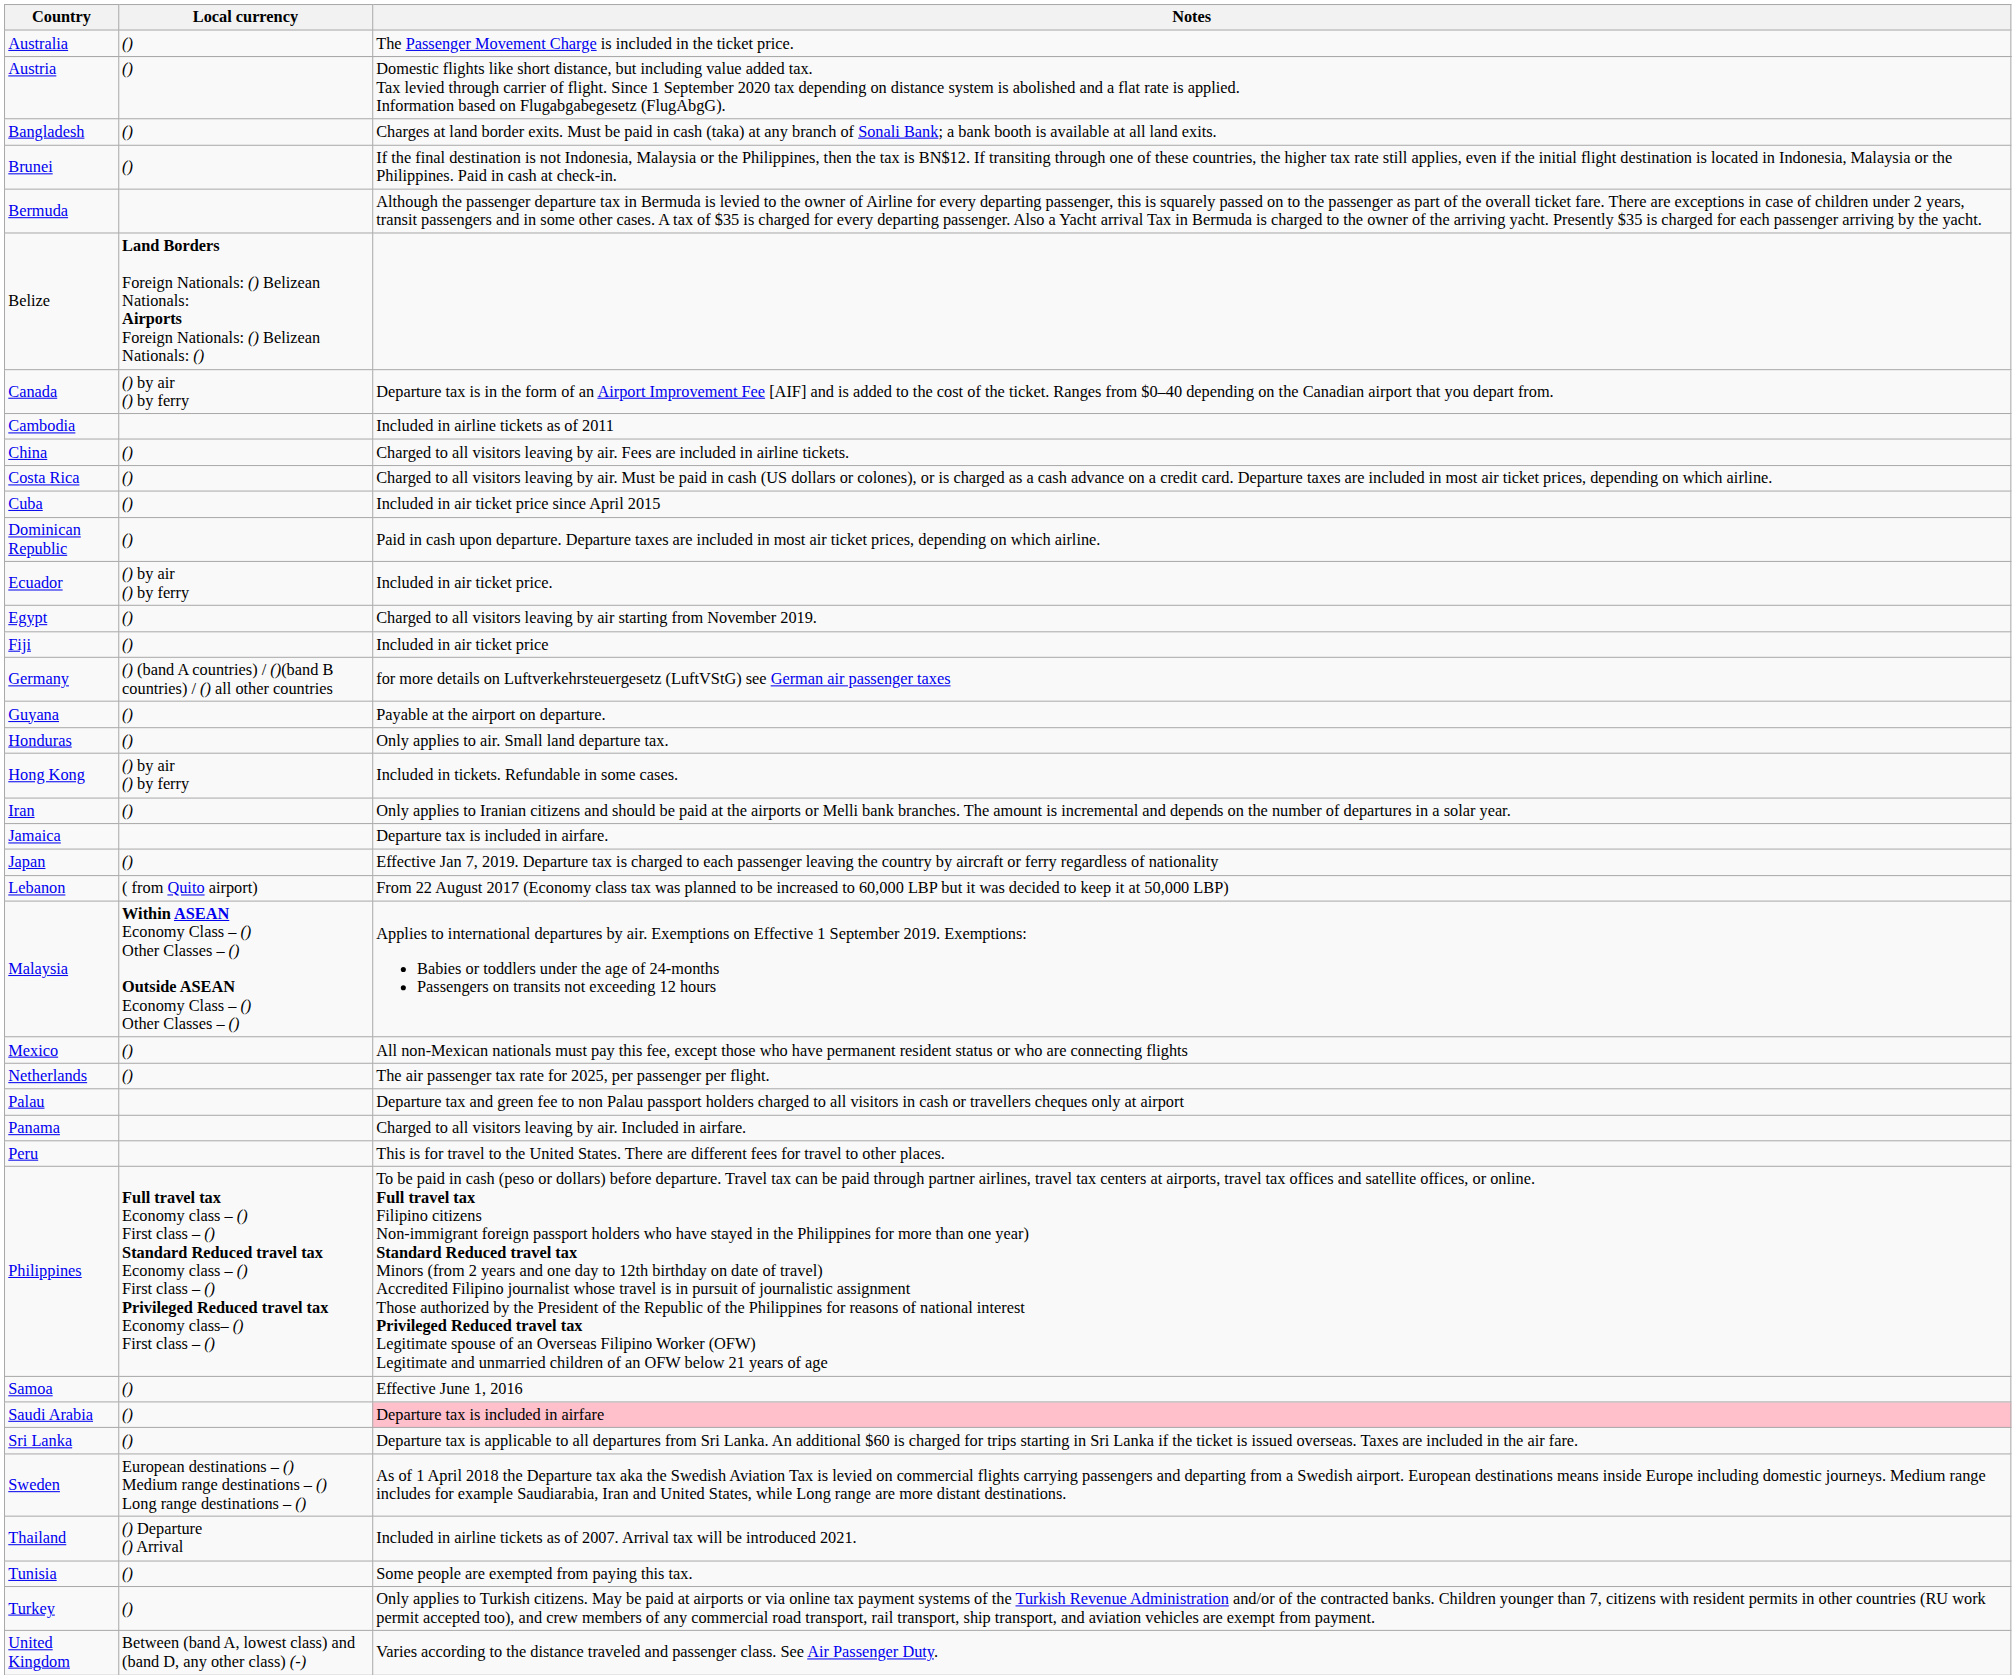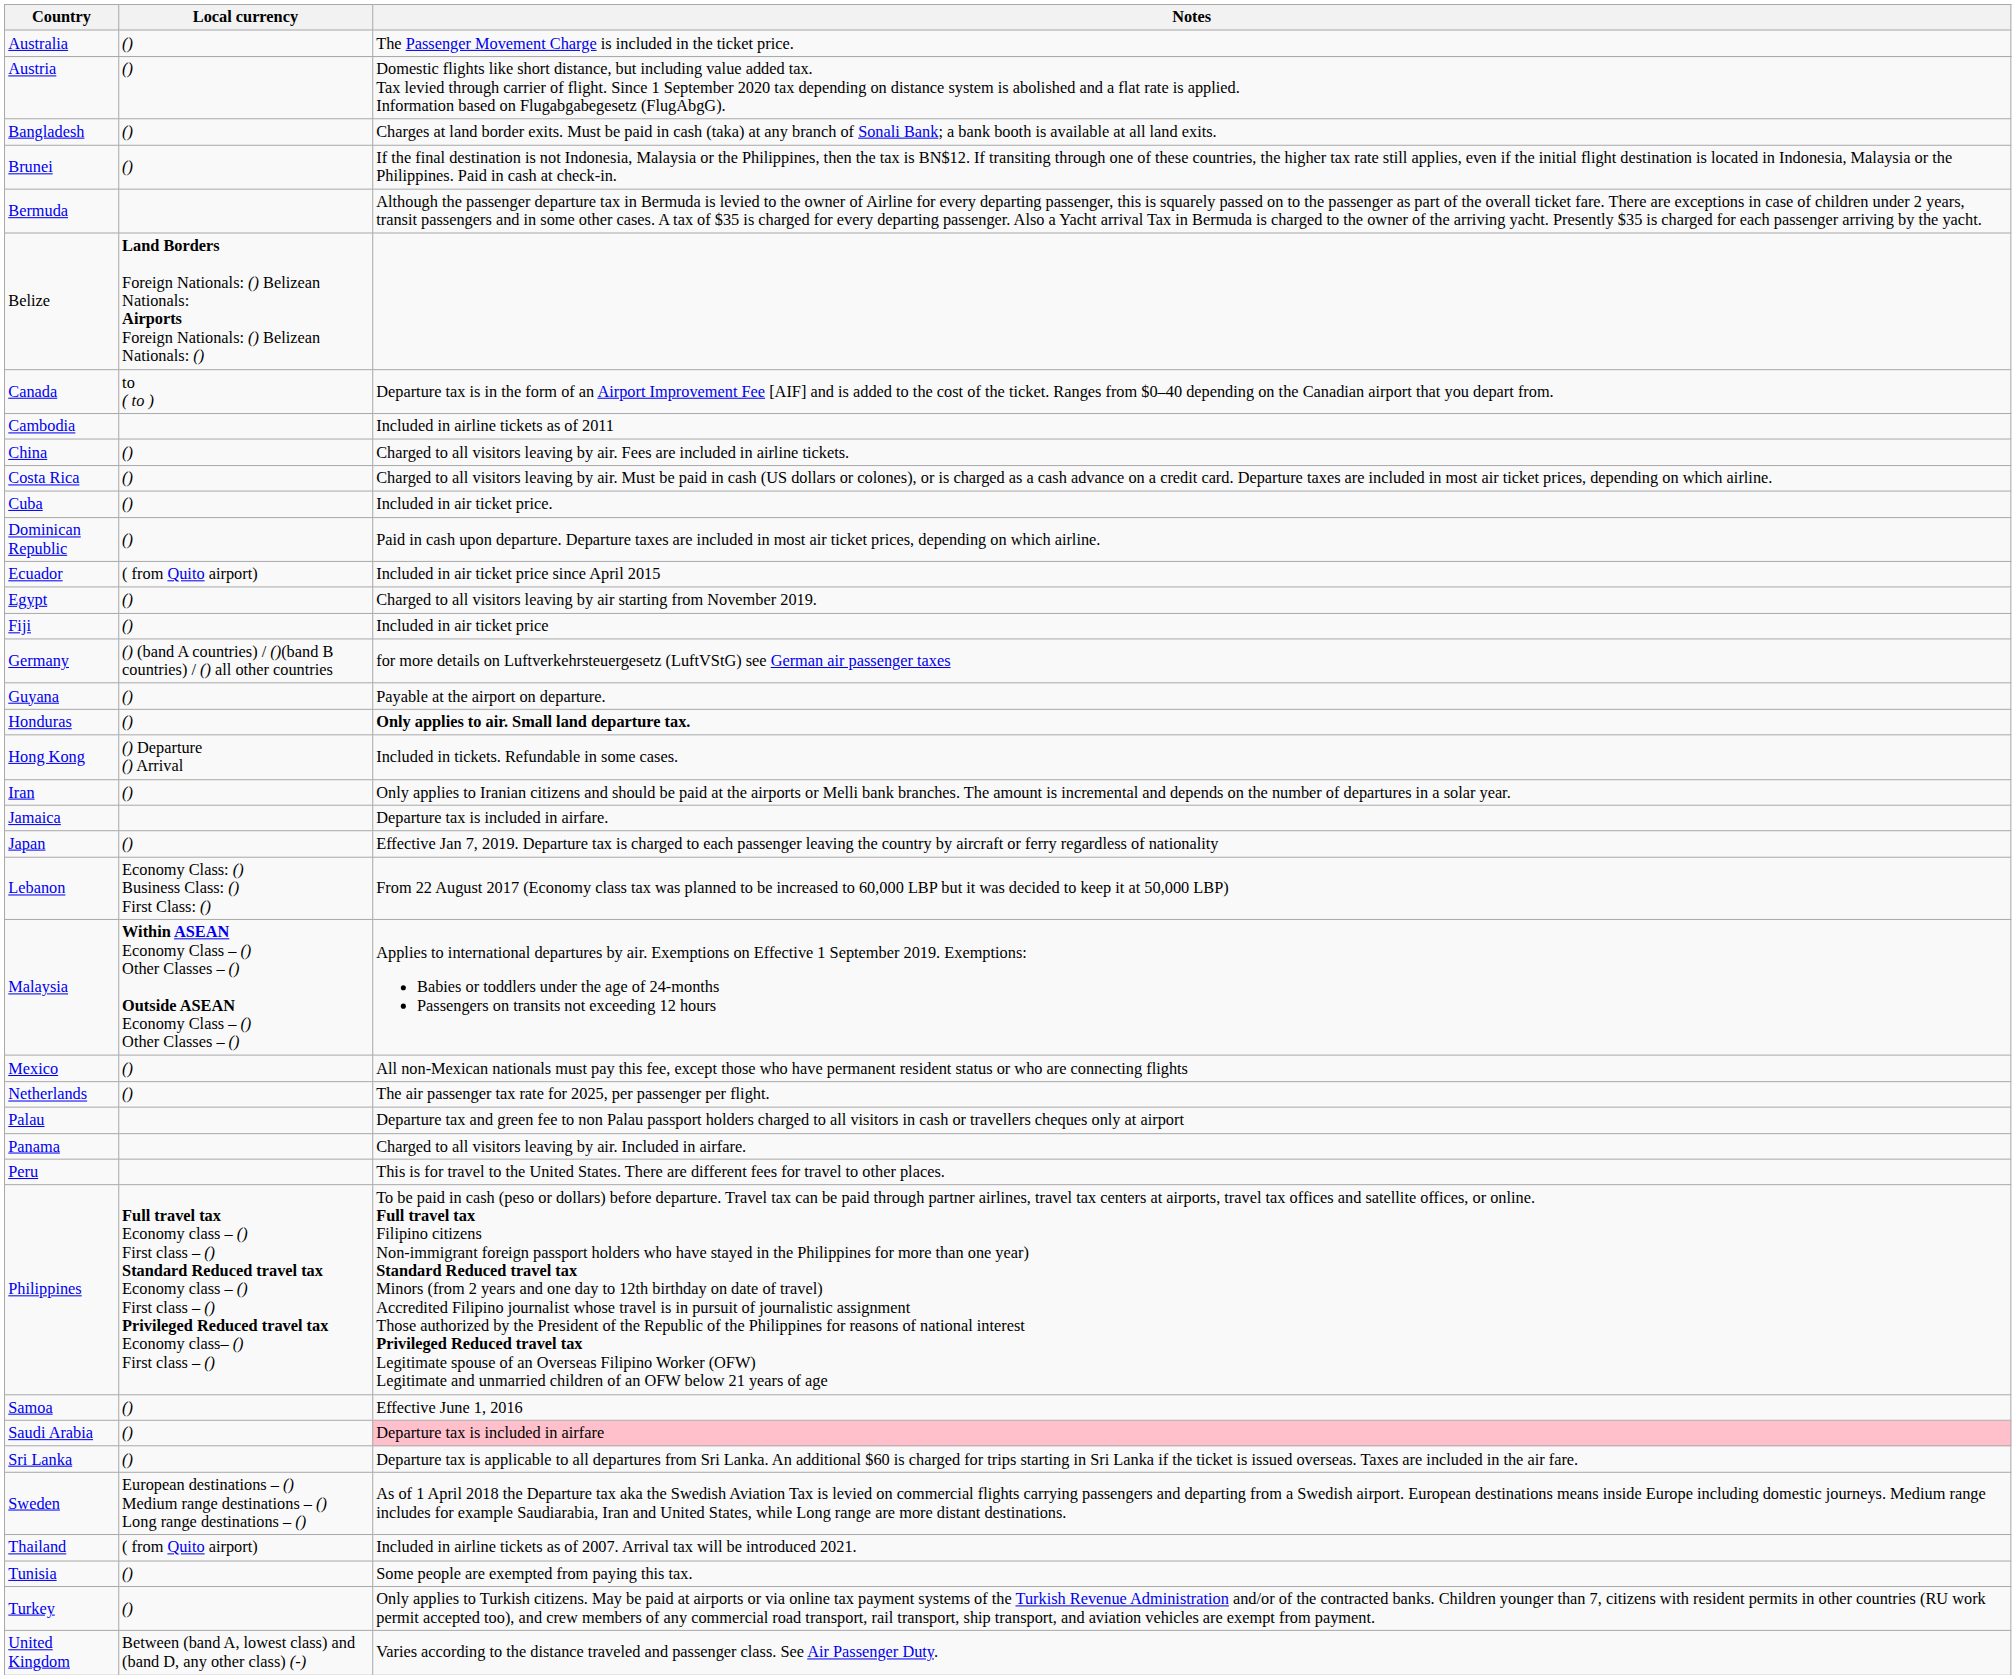 <table class="wikitable sortable">
 <tr>
 <th>Country</th>
 <th class="unsortable">Local currency</th>
 <th class="unsortable">Notes</th>
 </tr>
 <tr>
 <td><a href='#'>Australia</a></td>
 <td> <em>()</em></td>
 <td>The <a href='#'>Passenger Movement Charge</a> is included in the ticket price.</td>
 </tr>
 <tr>
 </tr>
 <tr Valign=Top>
 <td><a href='#'>Austria</a></td>
 <td> <em>()</em></td>
 <td>Domestic flights like short distance, but including value added tax.<br>Tax levied through carrier of flight. Since 1 September 2020 tax depending on distance system is abolished and a flat rate is applied.<br>Information based on Flugabgabegesetz (FlugAbgG).</td>
 </tr>
 <tr>
 <td><a href='#'>Bangladesh</a></td>
 <td> <em>()</em></td>
 <td>Charges at land border exits. Must be paid in cash (taka) at any branch of <a href='#'>Sonali Bank</a>; a bank booth is available at all land exits.</td>
 </tr>
 <tr>
 <td><a href='#'>Brunei</a></td>
 <td> <em>()</em></td>
 <td>If the final destination is not Indonesia, Malaysia or the Philippines, then the tax is BN$12. If transiting through one of these countries, the higher tax rate still applies, even if the initial flight destination is located in Indonesia, Malaysia or the Philippines. Paid in cash at check-in.</td>
 </tr>
 <tr>
 <td><a href='#'>Bermuda</a></td>
 <td></td>
 <td>Although the passenger departure tax in Bermuda is levied to the owner of Airline for every departing passenger, this is squarely passed on to the passenger as part of the overall ticket fare. There are exceptions in case of children under 2 years, transit passengers and in some other cases. A tax of $35 is charged for every departing passenger. Also a Yacht arrival Tax in Bermuda is charged to the owner of the arriving yacht. Presently $35 is charged for each passenger arriving by the yacht.</td>
 </tr>
 <tr>
 <td>Belize</td>
 <td><strong>Land Borders</strong><br><br>Foreign Nationals:  <em>()</em> Belizean Nationals: <br> <strong>Airports</strong><br> Foreign Nationals:  <em>()</em> Belizean Nationals:  <em>()</em></td>
 <td></td>
 </tr>
 <tr>
 <td><a href='#'>Canada</a></td>
-<td> <em>()</em> by air<br> <em>()</em> by ferry</td>
+<td> to <br><em>( to )</em></td>
 <td>Departure tax is in the form of an <a href='#'>Airport Improvement Fee</a> [AIF] and is added to the cost of the ticket. Ranges from $0–40 depending on the Canadian airport that you depart from.</td>
 </tr>
 <tr>
 <td><a href='#'>Cambodia</a></td>
 <td></td>
 <td>Included in airline tickets as of 2011</td>
 </tr>
 <tr>
 <td><a href='#'>China</a></td>
 <td> <em>()</em></td>
 <td>Charged to all visitors leaving by air. Fees are included in airline tickets.</td>
 </tr>
 <tr>
 <td><a href='#'>Costa Rica</a></td>
 <td> <em>()</em></td>
 <td>Charged to all visitors leaving by air. Must be paid in cash (US dollars or colones), or is charged as a cash advance on a credit card. Departure taxes are included in most air ticket prices, depending on which airline.</td>
 </tr>
 <tr>
 <td><a href='#'>Cuba</a></td>
 <td> <em>()</em></td>
-<td>Included in air ticket price since April 2015</td>
+<td>Included in air ticket price.</td>
 </tr>
 <tr>
 <td><a href='#'>Dominican Republic</a></td>
 <td> <em>()</em></td>
 <td>Paid in cash upon departure. Departure taxes are included in most air ticket prices, depending on which airline.</td>
 </tr>
 <tr>
 <td><a href='#'>Ecuador</a></td>
-<td> <em>()</em> by air<br> <em>()</em> by ferry</td>
-<td>Included in air ticket price.</td>
+<td> ( from <a href='#'>Quito</a> airport)</td>
+<td>Included in air ticket price since April 2015</td>
 </tr>
 <tr>
 <td><a href='#'>Egypt</a></td>
 <td> <em>()</em></td>
 <td>Charged to all visitors leaving by air starting from November 2019.</td>
 </tr>
 <tr>
 <td><a href='#'>Fiji</a></td>
 <td> <em>()</em></td>
 <td>Included in air ticket price </td>
 </tr>
 <tr>
 <td><a href='#'>Germany</a></td>
 <td> <em>()</em> (band A countries) /  <em>()</em>(band B countries) / <em>()</em> all other countries</td>
 <td>for more details on Luftverkehrsteuergesetz (LuftVStG) see <a href='#'>German air passenger taxes</a></td>
 </tr>
 <tr>
 <td><a href='#'>Guyana</a></td>
 <td> <em>()</em></td>
 <td>Payable at the airport on departure.</td>
 </tr>
 <tr>
 <td><a href='#'>Honduras</a></td>
 <td> <em>()</em></td>
-<td>Only applies to air.  Small land departure tax.</td>
+<td><strong>Only applies to air.  Small land departure tax.</strong></td>
 </tr>
 <tr>
 <td><a href='#'>Hong Kong</a></td>
-<td> <em>()</em> by air<br> <em>()</em> by ferry</td>
+<td> <em>()</em> Departure<br> <em>()</em> Arrival</td>
 <td>Included in tickets. Refundable in some cases.</td>
 </tr>
 <tr>
 <td><a href='#'>Iran</a></td>
 <td> <em>()</em></td>
 <td>Only applies to Iranian citizens and should be paid at the airports or Melli bank branches. The amount is incremental and depends on the number of departures in a solar year.</td>
 </tr>
 <tr>
 <td><a href='#'>Jamaica</a></td>
 <td></td>
 <td>Departure tax is included in airfare.</td>
 </tr>
 <tr>
 <td><a href='#'>Japan</a></td>
 <td> <em>()</em></td>
 <td>Effective Jan 7, 2019. Departure tax is charged to each passenger leaving the country by aircraft or ferry regardless of nationality </td>
 </tr>
 <tr>
 <td><a href='#'>Lebanon</a></td>
-<td> ( from <a href='#'>Quito</a> airport)</td>
+<td>Economy Class:  <em>()</em><br>Business Class:  <em>()</em><br>First Class:  <em>()</em></td>
 <td>From 22 August 2017 (Economy class tax was planned to be increased to 60,000 LBP but it was decided to keep it at 50,000 LBP)</td>
 </tr>
 <tr>
 <td><a href='#'>Malaysia</a></td>
 <td><strong>Within <a href='#'>ASEAN</a></strong><br>Economy Class –  <em>()</em><br>Other Classes –  <em>()</em><br><br><strong>Outside ASEAN</strong><br>Economy Class –  <em>()</em><br> Other Classes –  <em>()</em></td>
 <td>Applies to international departures by air. Exemptions on Effective 1 September 2019. Exemptions:<br><ul><li>Babies or toddlers under the age of 24-months</li><li>Passengers on transits not exceeding 12 hours</li></ul></td>
 </tr>
 <tr>
 <td><a href='#'>Mexico</a></td>
 <td> <em>()</em></td>
 <td>All non-Mexican nationals must pay this fee, except those who have permanent resident status or who are connecting flights </td>
 </tr>
 <tr>
 <td><a href='#'>Netherlands</a></td>
 <td> <em>()</em></td>
 <td>The air passenger tax rate for 2025, per passenger per flight.</td>
 </tr>
 <tr>
 <td><a href='#'>Palau</a></td>
 <td></td>
 <td>Departure tax and green fee to non Palau passport holders charged to all visitors in cash or travellers cheques only at airport</td>
 </tr>
 <tr>
 <td><a href='#'>Panama</a></td>
 <td></td>
 <td>Charged to all visitors leaving by air. Included in airfare.</td>
 </tr>
 <tr>
 <td><a href='#'>Peru</a></td>
 <td></td>
 <td>This is for travel to the United States. There are different fees for travel to other places.</td>
 </tr>
 <tr>
 <td><a href='#'>Philippines</a></td>
 <td><strong>Full travel tax</strong><br>Economy class –  <em>()</em><br>First class –  <em>()</em><br><strong>Standard Reduced travel tax</strong><br>Economy class –  <em>()</em><br>First class –  <em>()</em><br><strong>Privileged Reduced travel tax</strong><br>Economy class–  <em>()</em><br>First class –  <em>()</em></td>
 <td>To be paid in cash (peso or dollars) before departure. Travel tax can be paid through partner airlines, travel tax centers at airports, travel tax offices and satellite offices, or online.<br><strong>Full travel tax</strong><br>Filipino citizens<br>Non-immigrant foreign passport holders who have stayed in the Philippines for more than one year)<br><strong>Standard Reduced travel tax</strong><br>Minors (from 2 years and one day to 12th birthday on date of travel)<br>Accredited Filipino journalist whose travel is in pursuit of journalistic assignment<br>Those authorized by the President of the Republic of the Philippines for reasons of national interest<br><strong>Privileged Reduced travel tax</strong><br>Legitimate spouse of an Overseas Filipino Worker (OFW)<br>Legitimate and unmarried children of an OFW below 21 years of age</td>
 </tr>
 <tr>
 <td><a href='#'>Samoa</a></td>
 <td> <em>()</em></td>
 <td>Effective June 1, 2016</td>
 </tr>
 <tr>
 <td><a href='#'>Saudi Arabia</a></td>
 <td> <em>()</em></td>
 <td style="background: pink;">Departure tax is included in airfare</td>
 </tr>
 <tr>
 <td><a href='#'>Sri Lanka</a></td>
 <td> <em>()</em></td>
 <td>Departure tax is applicable to all departures from Sri Lanka.  An additional $60 is charged for trips starting in Sri Lanka if the ticket is issued overseas. Taxes are included in the air fare.</td>
 </tr>
 <tr>
 <td><a href='#'>Sweden</a></td>
 <td>European destinations –  <em>()</em><br>Medium range destinations –  <em>()</em><br>Long range destinations –  <em>()</em></td>
 <td>As of 1 April 2018 the Departure tax aka the Swedish Aviation Tax is levied on commercial flights carrying passengers and departing from a Swedish airport. European destinations means inside Europe including domestic journeys. Medium range includes for example Saudiarabia, Iran and United States, while Long range are more distant destinations.</td>
 </tr>
 <tr>
 <td><a href='#'>Thailand</a></td>
-<td> <em>()</em> Departure<br> <em>()</em> Arrival</td>
+<td> ( from <a href='#'>Quito</a> airport)</td>
 <td>Included in airline tickets as of 2007. Arrival tax will be introduced 2021.</td>
 </tr>
 <tr>
 <td><a href='#'>Tunisia</a></td>
 <td> <em>()</em> </td>
 <td>Some people are exempted from paying this tax.</td>
 </tr>
 <tr>
 <td><a href='#'>Turkey</a></td>
 <td> <em>()</em></td>
 <td>Only applies to Turkish citizens. May be paid at airports or via online tax payment systems of the <a href='#'>Turkish Revenue Administration</a> and/or of the contracted banks. Children younger than 7, citizens with resident permits in other countries (RU work permit accepted too), and crew members of any commercial road transport, rail transport, ship transport, and aviation vehicles are exempt from payment.</td>
 </tr>
 <tr>
 <td><a href='#'>United Kingdom</a></td>
 <td>Between   (band A, lowest class) and  (band D, any other class) <em>(-)</em></td>
 <td>Varies according to the distance traveled and passenger class. See <a href='#'>Air Passenger Duty</a>.</td>
 </tr>
 </table>
